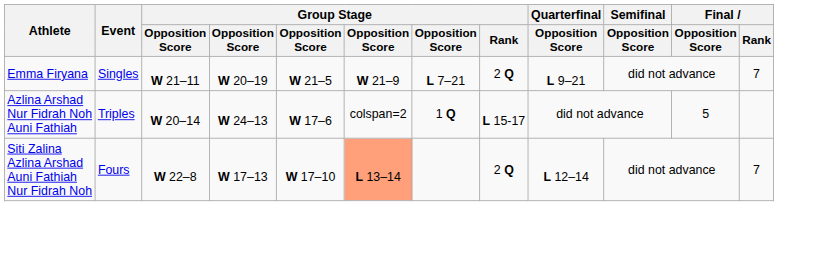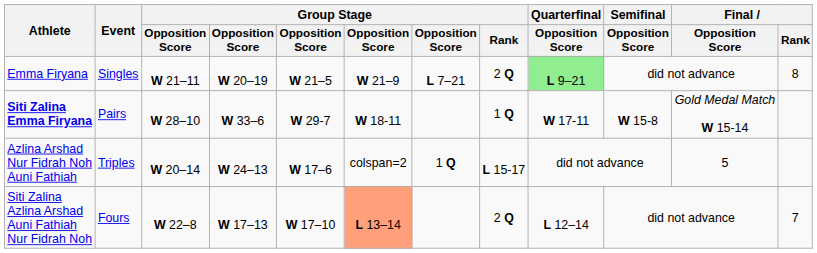 <table class="wikitable" style="font-size:88%">
 <tr>
 <th rowspan=2>Athlete</th>
 <th rowspan=2>Event</th>
 <th colspan=6>Group Stage</th>
 <th>Quarterfinal</th>
 <th>Semifinal</th>
 <th colspan=2>Final / </th>
 </tr>
 <tr style="font-size:95%">
 <th>Opposition<br>Score</th>
 <th>Opposition<br>Score</th>
 <th>Opposition<br>Score</th>
 <th>Opposition<br>Score</th>
 <th>Opposition<br>Score</th>
 <th>Rank</th>
 <th>Opposition<br>Score</th>
 <th>Opposition<br>Score</th>
 <th>Opposition<br>Score</th>
 <th>Rank</th>
 </tr>
 <tr align=center>
 <td align=left><a href='#'>Emma Firyana</a></td>
 <td align=left><a href='#'>Singles</a></td>
 <td><br><strong>W</strong> 21–11</td>
 <td><br><strong>W</strong> 20–19</td>
 <td><br><strong>W</strong> 21–5</td>
 <td><br><strong>W</strong> 21–9</td>
 <td><br><strong>L</strong> 7–21</td>
 <td>2 <strong>Q</strong></td>
-<td><br><strong>L</strong> 9–21</td>
+<td style="background: lightgreen;"><br><strong>L</strong> 9–21</td>
 <td colspan=2>did not advance</td>
-<td>7</td>
+<td>8</td>
+</tr>
+<tr align=center>
+<td align=left><strong><a href='#'>Siti Zalina</a></strong><br><strong><a href='#'>Emma Firyana</a></strong></td>
+<td align=left><a href='#'>Pairs</a></td>
+<td><br><strong>W</strong> 28–10</td>
+<td><br><strong>W</strong> 33–6</td>
+<td><br><strong>W</strong> 29-7</td>
+<td><br><strong>W</strong> 18-11</td>
+<td></td>
+<td>1 <strong>Q</strong></td>
+<td><br><strong>W</strong> 17-11</td>
+<td><br><strong>W</strong> 15-8</td>
+<td><em>Gold Medal Match</em><br><br><strong>W</strong> 15-14</td>
+<td></td>
 </tr>
 <tr align=center>
 <td align=left><a href='#'>Azlina Arshad</a><br><a href='#'>Nur Fidrah Noh</a><br><a href='#'>Auni Fathiah</a></td>
 <td align=left><a href='#'>Triples</a></td>
 <td><br><strong>W</strong> 20–14</td>
 <td><br><strong>W</strong> 24–13</td>
 <td><br><strong>W</strong> 17–6</td>
 <td>colspan=2 </td>
 <td>1 <strong>Q</strong></td>
 <td><br><strong>L</strong> 15-17</td>
 <td colspan=2>did not advance</td>
 <td>5</td>
 </tr>
 <tr align=center>
 <td align=left><a href='#'>Siti Zalina</a><br><a href='#'>Azlina Arshad</a><br><a href='#'>Auni Fathiah</a><br><a href='#'>Nur Fidrah Noh</a></td>
 <td align=left><a href='#'>Fours</a></td>
 <td><br><strong>W</strong> 22–8</td>
 <td><br><strong>W</strong> 17–13</td>
 <td><br><strong>W</strong> 17–10</td>
 <td style="background: lightsalmon;"><br><strong>L</strong> 13–14</td>
 <td></td>
 <td>2 <strong>Q</strong></td>
 <td><br><strong>L</strong> 12–14</td>
 <td colspan=2>did not advance</td>
 <td>7</td>
 </tr>
 </table>
